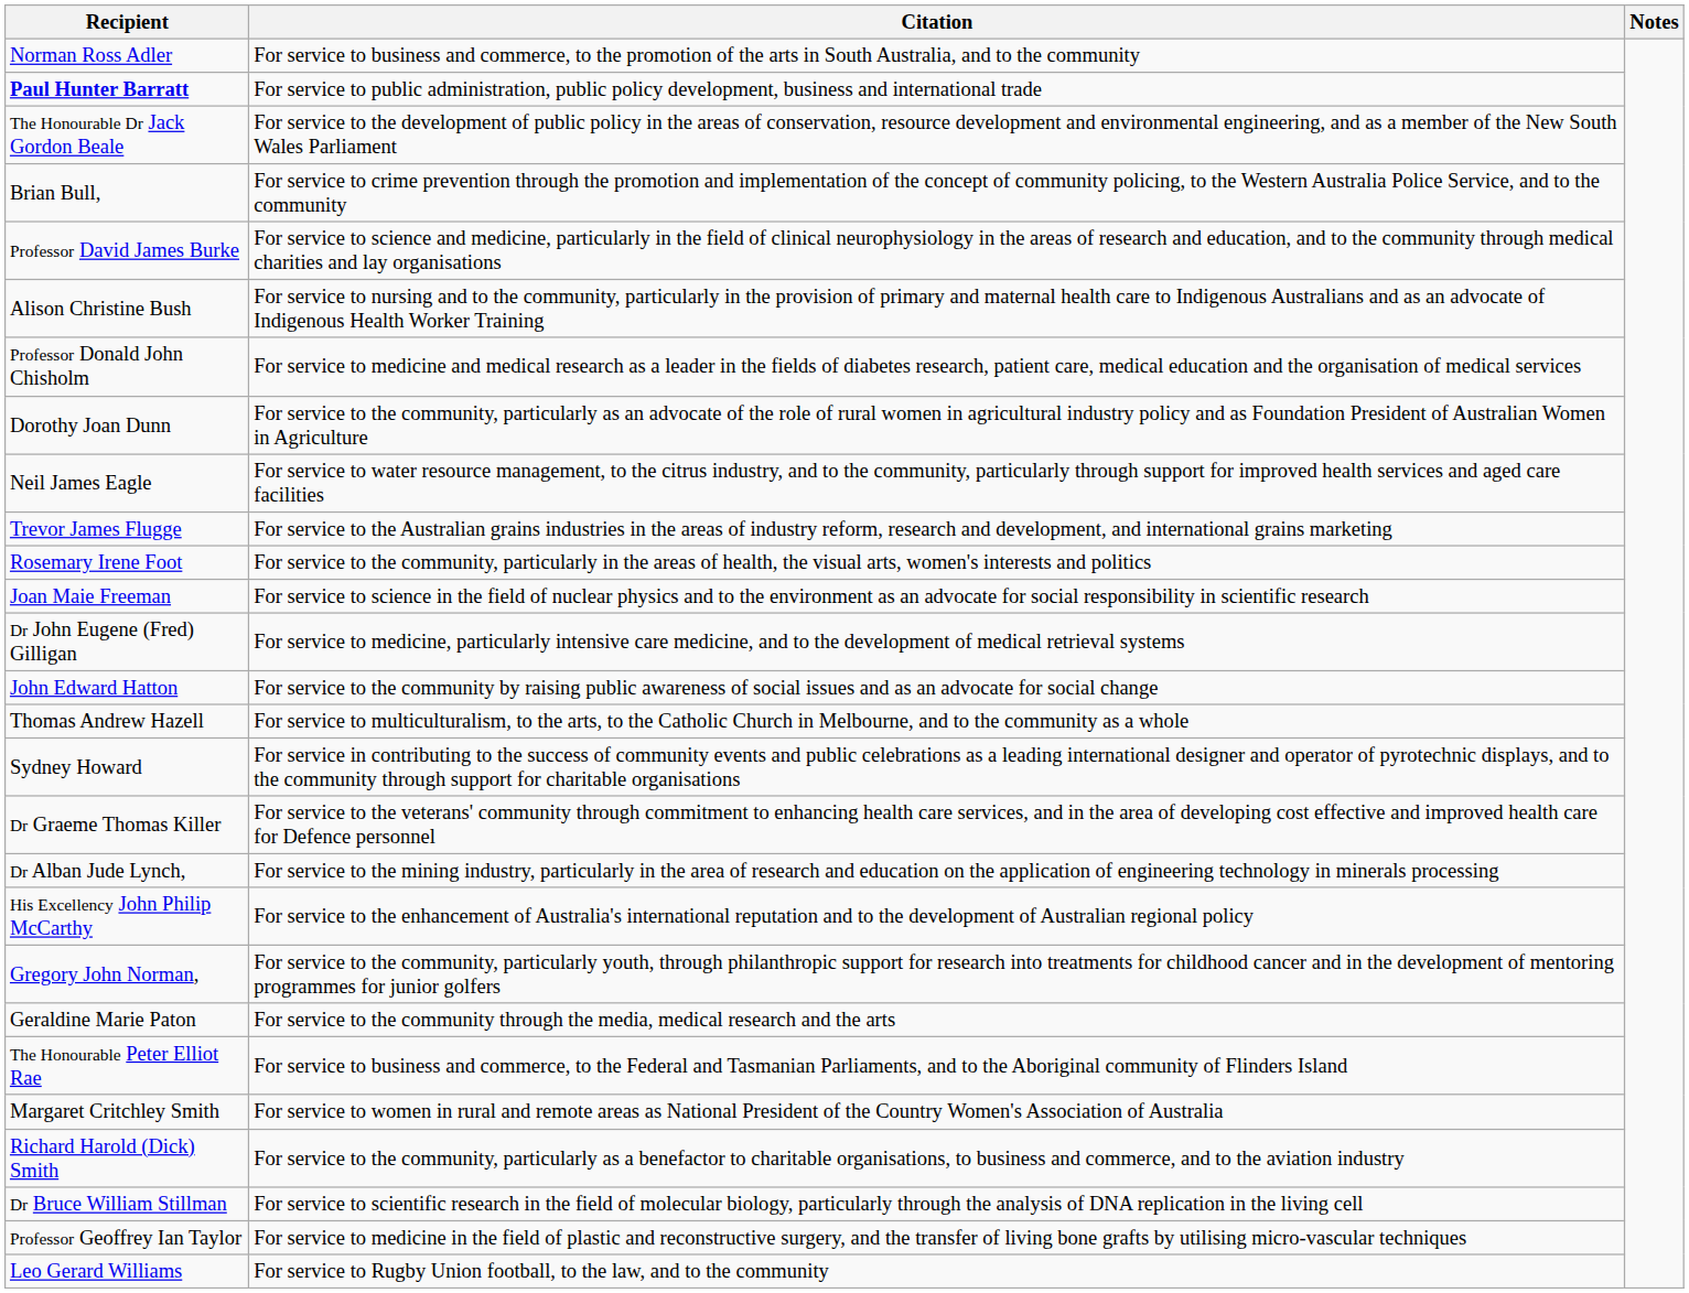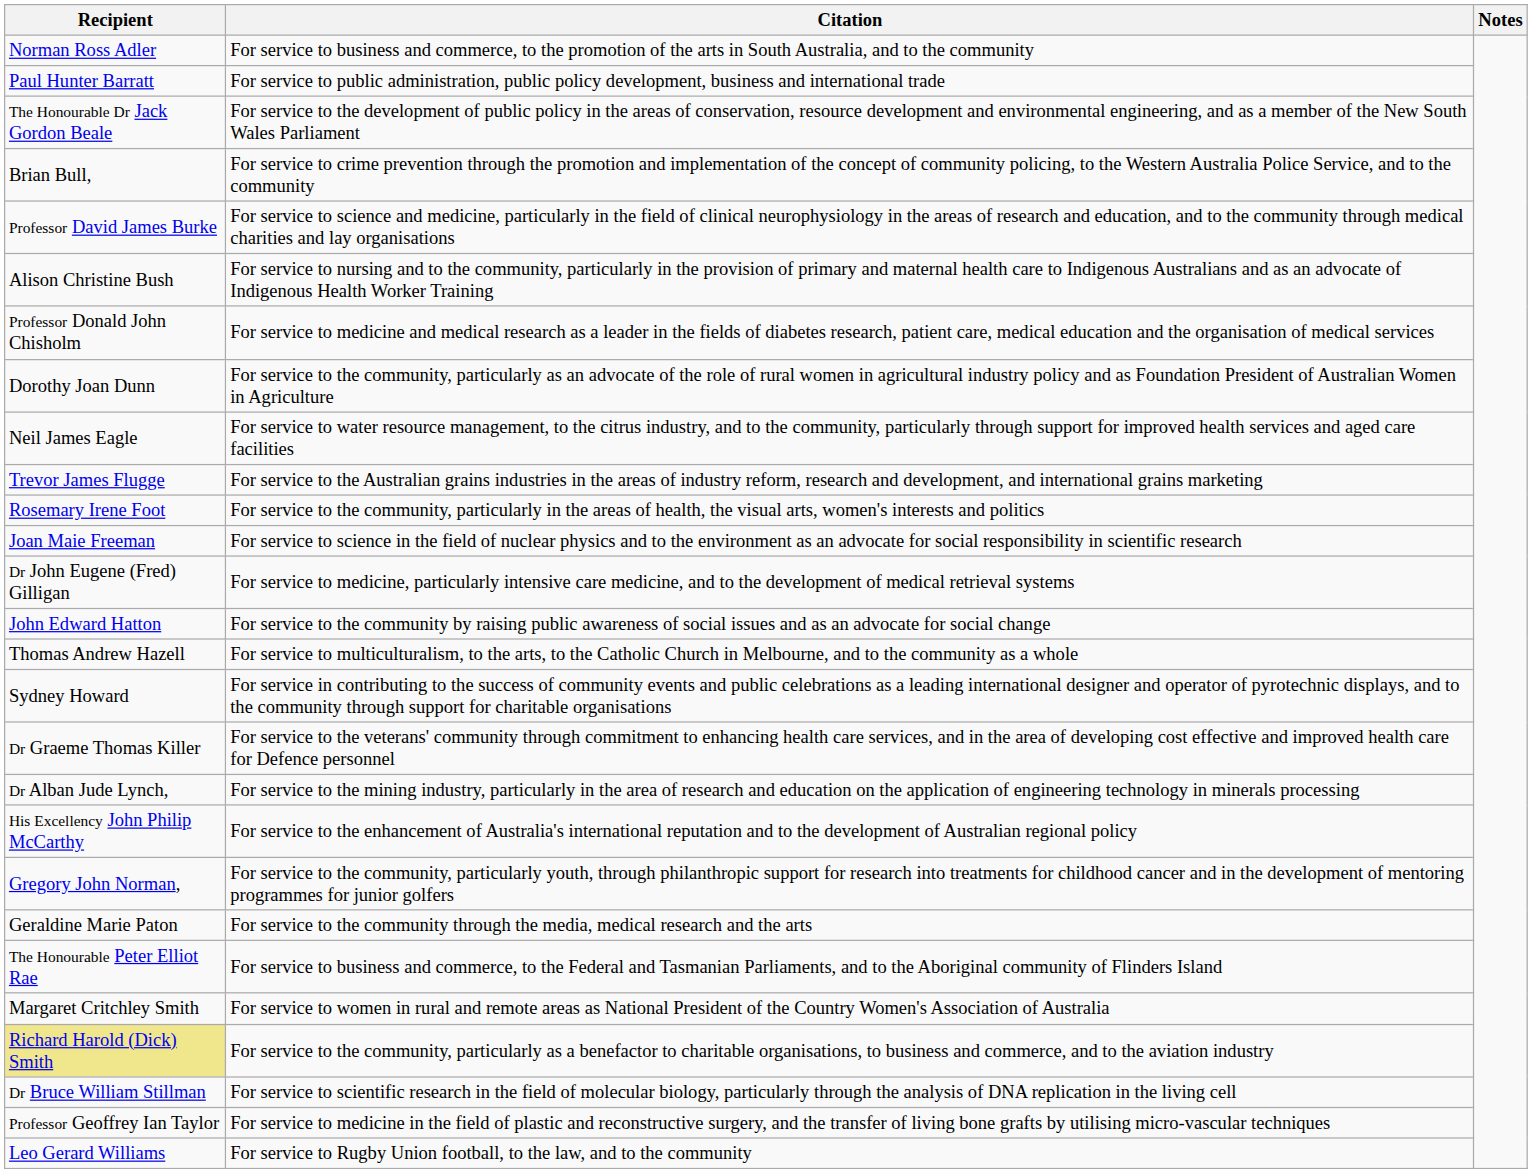 <table class="wikitable" style="font-size:95%;">
 <tr>
 <th>Recipient</th>
 <th>Citation</th>
 <th>Notes</th>
 </tr>
 <tr>
 <td><a href='#'>Norman Ross Adler</a></td>
 <td>For service to business and commerce, to the promotion of the arts in South Australia, and to the community</td>
 <td rowspan="27"></td>
 </tr>
 <tr>
-<td><strong><a href='#'>Paul Hunter Barratt</a></strong></td>
+<td><a href='#'>Paul Hunter Barratt</a></td>
 <td>For service to public administration, public policy development, business and international trade</td>
 </tr>
 <tr>
 <td><small> The Honourable Dr</small> <a href='#'>Jack Gordon Beale</a></td>
 <td>For service to the development of public policy in the areas of conservation, resource development and environmental engineering, and as a member of the New South Wales Parliament</td>
 </tr>
 <tr>
 <td>Brian Bull, </td>
 <td>For service to crime prevention through the promotion and implementation of the concept of community policing, to the Western Australia Police Service, and to the community</td>
 </tr>
 <tr>
 <td><small>Professor</small> <a href='#'>David James Burke</a></td>
 <td>For service to science and medicine, particularly in the field of clinical neurophysiology in the areas of research and education, and to the community through medical charities and lay organisations</td>
 </tr>
 <tr>
 <td>Alison Christine Bush</td>
 <td>For service to nursing and to the community, particularly in the provision of primary and maternal health care to Indigenous Australians and as an advocate of Indigenous Health Worker Training</td>
 </tr>
 <tr>
 <td><small>Professor</small> Donald John Chisholm</td>
 <td>For service to medicine and medical research as a leader in the fields of diabetes research, patient care, medical education and the organisation of medical services</td>
 </tr>
 <tr>
 <td>Dorothy Joan Dunn</td>
 <td>For service to the community, particularly as an advocate of the role of rural women in agricultural industry policy and as Foundation President of Australian Women in Agriculture</td>
 </tr>
 <tr>
 <td>Neil James Eagle</td>
 <td>For service to water resource management, to the citrus industry, and to the community, particularly through support for improved health services and aged care facilities</td>
 </tr>
 <tr>
 <td><a href='#'>Trevor James Flugge</a></td>
 <td>For service to the Australian grains industries in the areas of industry reform, research and development, and international grains marketing</td>
 </tr>
 <tr>
 <td><a href='#'>Rosemary Irene Foot</a></td>
 <td>For service to the community, particularly in the areas of health, the visual arts, women's interests and politics</td>
 </tr>
 <tr>
 <td><a href='#'>Joan Maie Freeman</a></td>
 <td>For service to science in the field of nuclear physics and to the environment as an advocate for social responsibility in scientific research</td>
 </tr>
 <tr>
 <td><small>Dr</small> John Eugene (Fred) Gilligan</td>
 <td>For service to medicine, particularly intensive care medicine, and to the development of medical retrieval systems</td>
 </tr>
 <tr>
 <td><a href='#'>John Edward Hatton</a></td>
 <td>For service to the community by raising public awareness of social issues and as an advocate for social change</td>
 </tr>
 <tr>
 <td>Thomas Andrew Hazell</td>
 <td>For service to multiculturalism, to the arts, to the Catholic Church in Melbourne, and to the community as a whole</td>
 </tr>
 <tr>
 <td>Sydney Howard</td>
 <td>For service in contributing to the success of community events and public celebrations as a leading international designer and operator of pyrotechnic displays, and to the community through support for charitable organisations</td>
 </tr>
 <tr>
 <td><small>Dr</small> Graeme Thomas Killer</td>
 <td>For service to the veterans' community through commitment to enhancing health care services, and in the area of developing cost effective and improved health care for Defence personnel</td>
 </tr>
 <tr>
 <td><small>Dr</small> Alban Jude Lynch, </td>
 <td>For service to the mining industry, particularly in the area of research and education on the application of engineering technology in minerals processing</td>
 </tr>
 <tr>
 <td><small>His Excellency</small> <a href='#'>John Philip McCarthy</a></td>
 <td>For service to the enhancement of Australia's international reputation and to the development of Australian regional policy</td>
 </tr>
 <tr>
 <td><a href='#'>Gregory John Norman</a>, </td>
 <td>For service to the community, particularly youth, through philanthropic support for research into treatments for childhood cancer and in the development of mentoring programmes for junior golfers</td>
 </tr>
 <tr>
 <td>Geraldine Marie Paton</td>
 <td>For service to the community through the media, medical research and the arts</td>
 </tr>
 <tr>
 <td><small>The Honourable</small> <a href='#'>Peter Elliot Rae</a></td>
 <td>For service to business and commerce, to the Federal and Tasmanian Parliaments, and to the Aboriginal community of Flinders Island</td>
 </tr>
 <tr>
 <td>Margaret Critchley Smith</td>
 <td>For service to women in rural and remote areas as National President of the Country Women's Association of Australia</td>
 </tr>
 <tr>
-<td><a href='#'>Richard Harold (Dick) Smith</a></td>
+<td style="background: khaki;"><a href='#'>Richard Harold (Dick) Smith</a></td>
 <td>For service to the community, particularly as a benefactor to charitable organisations, to business and commerce, and to the aviation industry</td>
 </tr>
 <tr>
 <td><small>Dr</small> <a href='#'>Bruce William Stillman</a></td>
 <td>For service to scientific research in the field of molecular biology, particularly through the analysis of DNA replication in the living cell</td>
 </tr>
 <tr>
 <td><small>Professor</small> Geoffrey Ian Taylor</td>
 <td>For service to medicine in the field of plastic and reconstructive surgery, and the transfer of living bone grafts by utilising micro-vascular techniques</td>
 </tr>
 <tr>
 <td><a href='#'>Leo Gerard Williams</a> </td>
 <td>For service to Rugby Union football, to the law, and to the community</td>
 </tr>
 </table>
